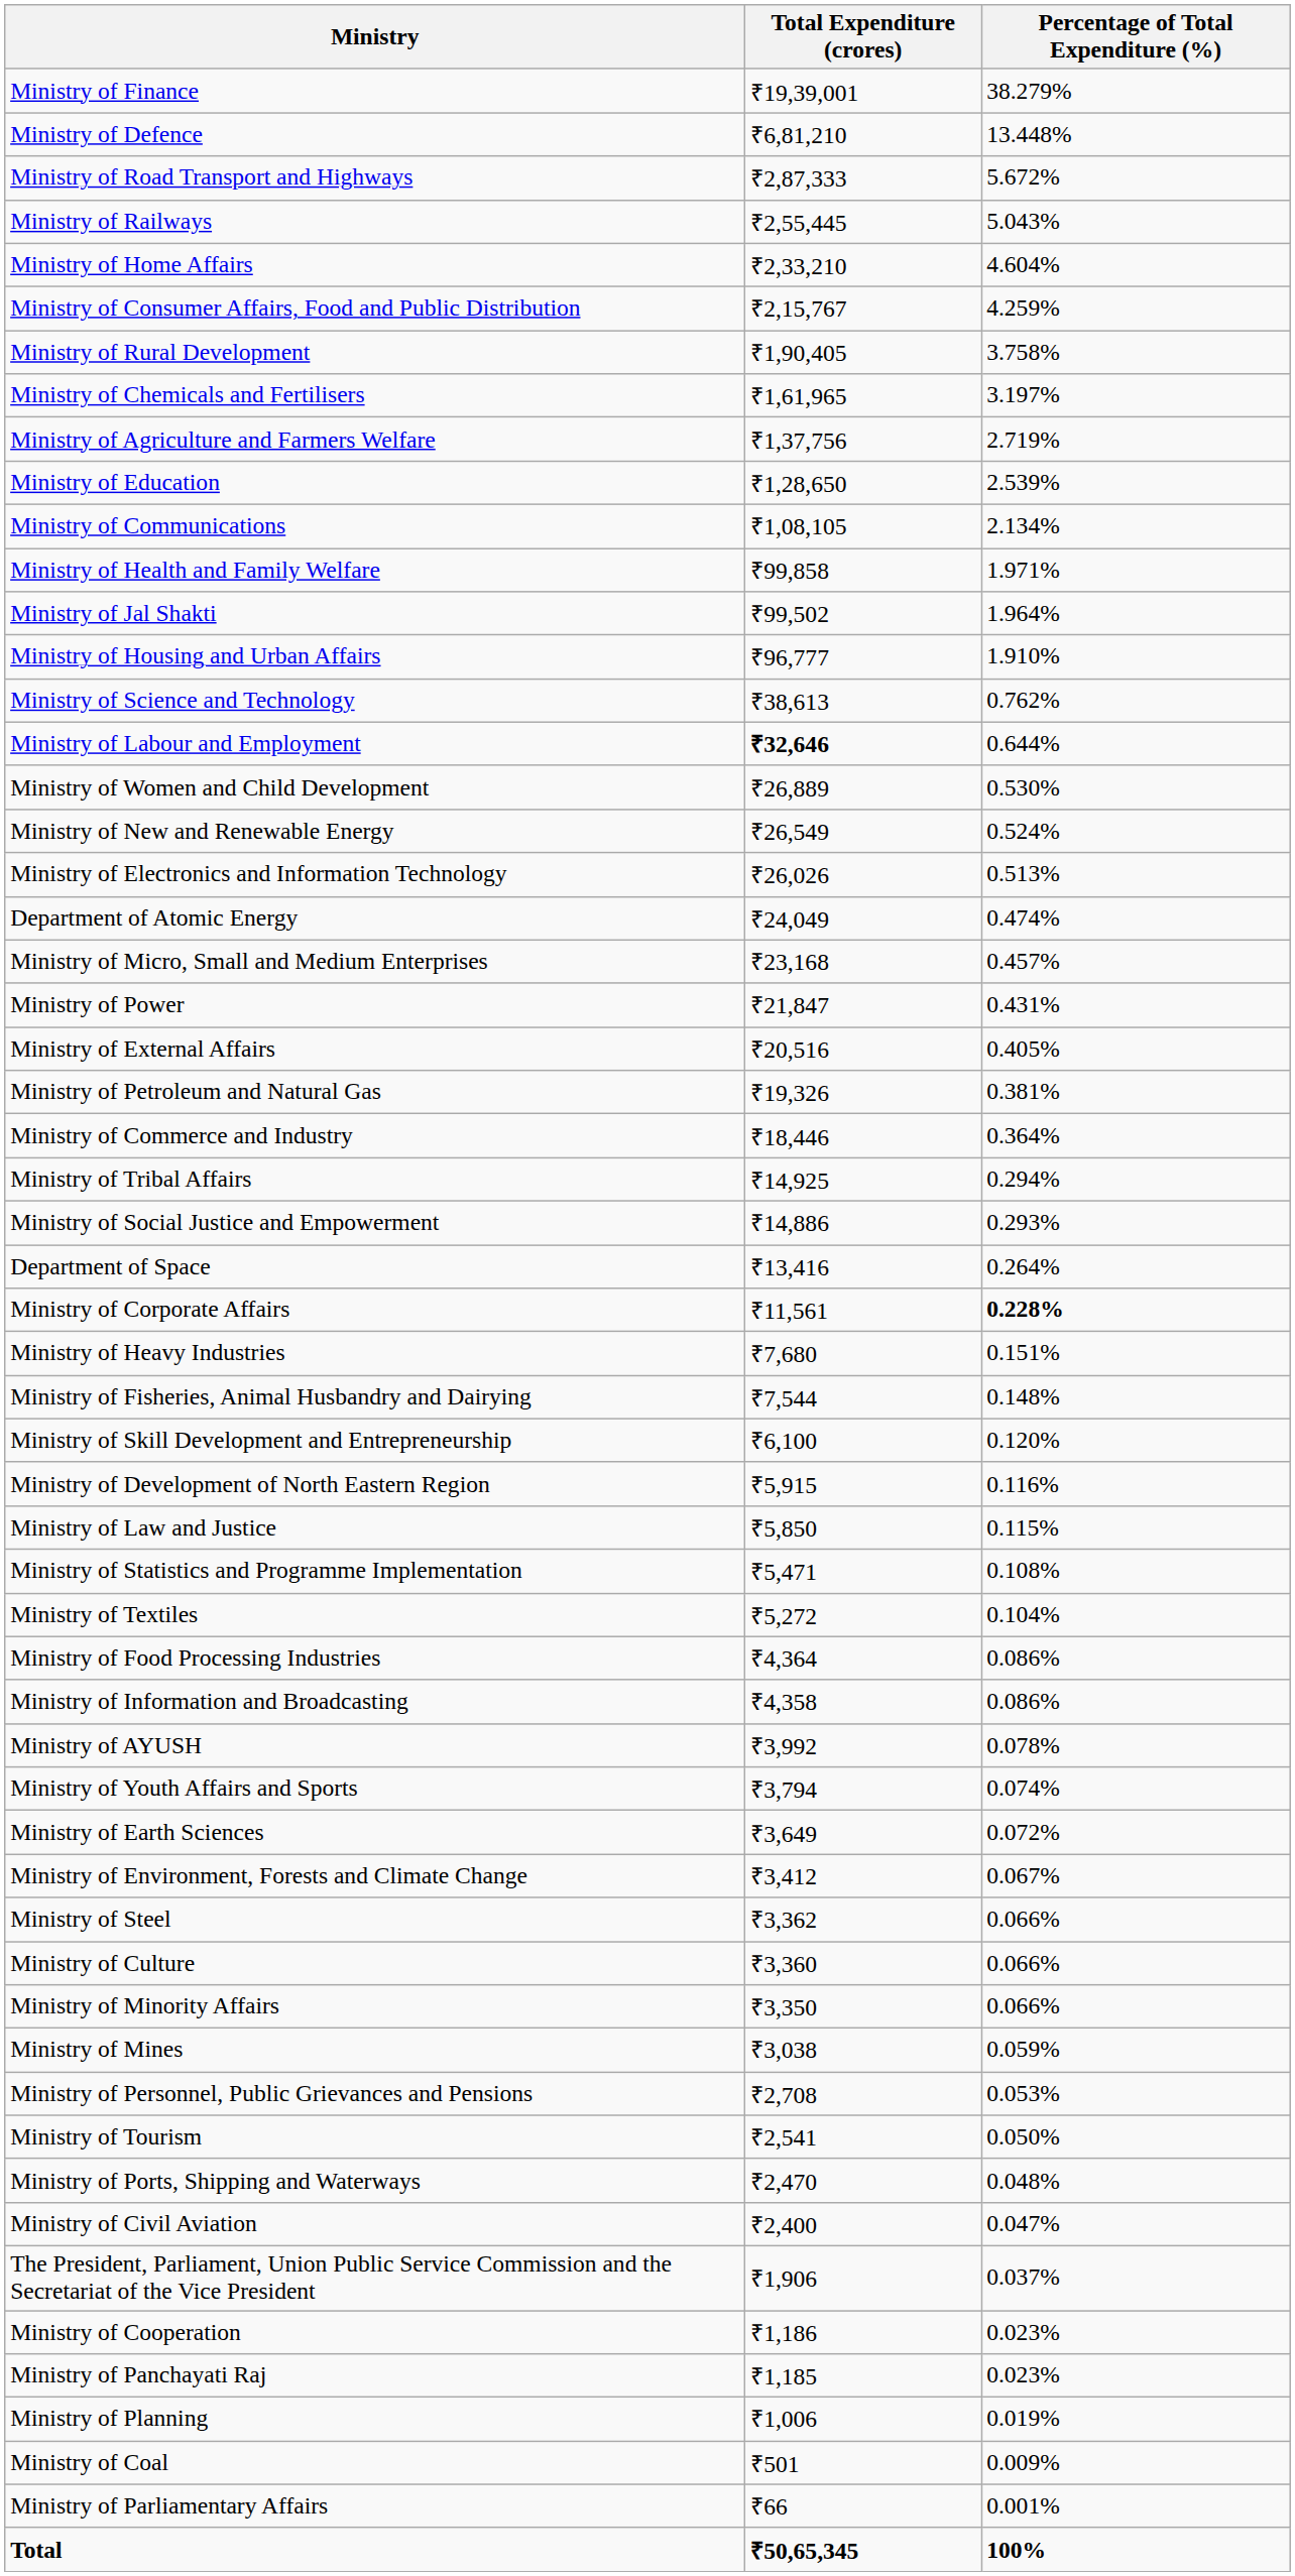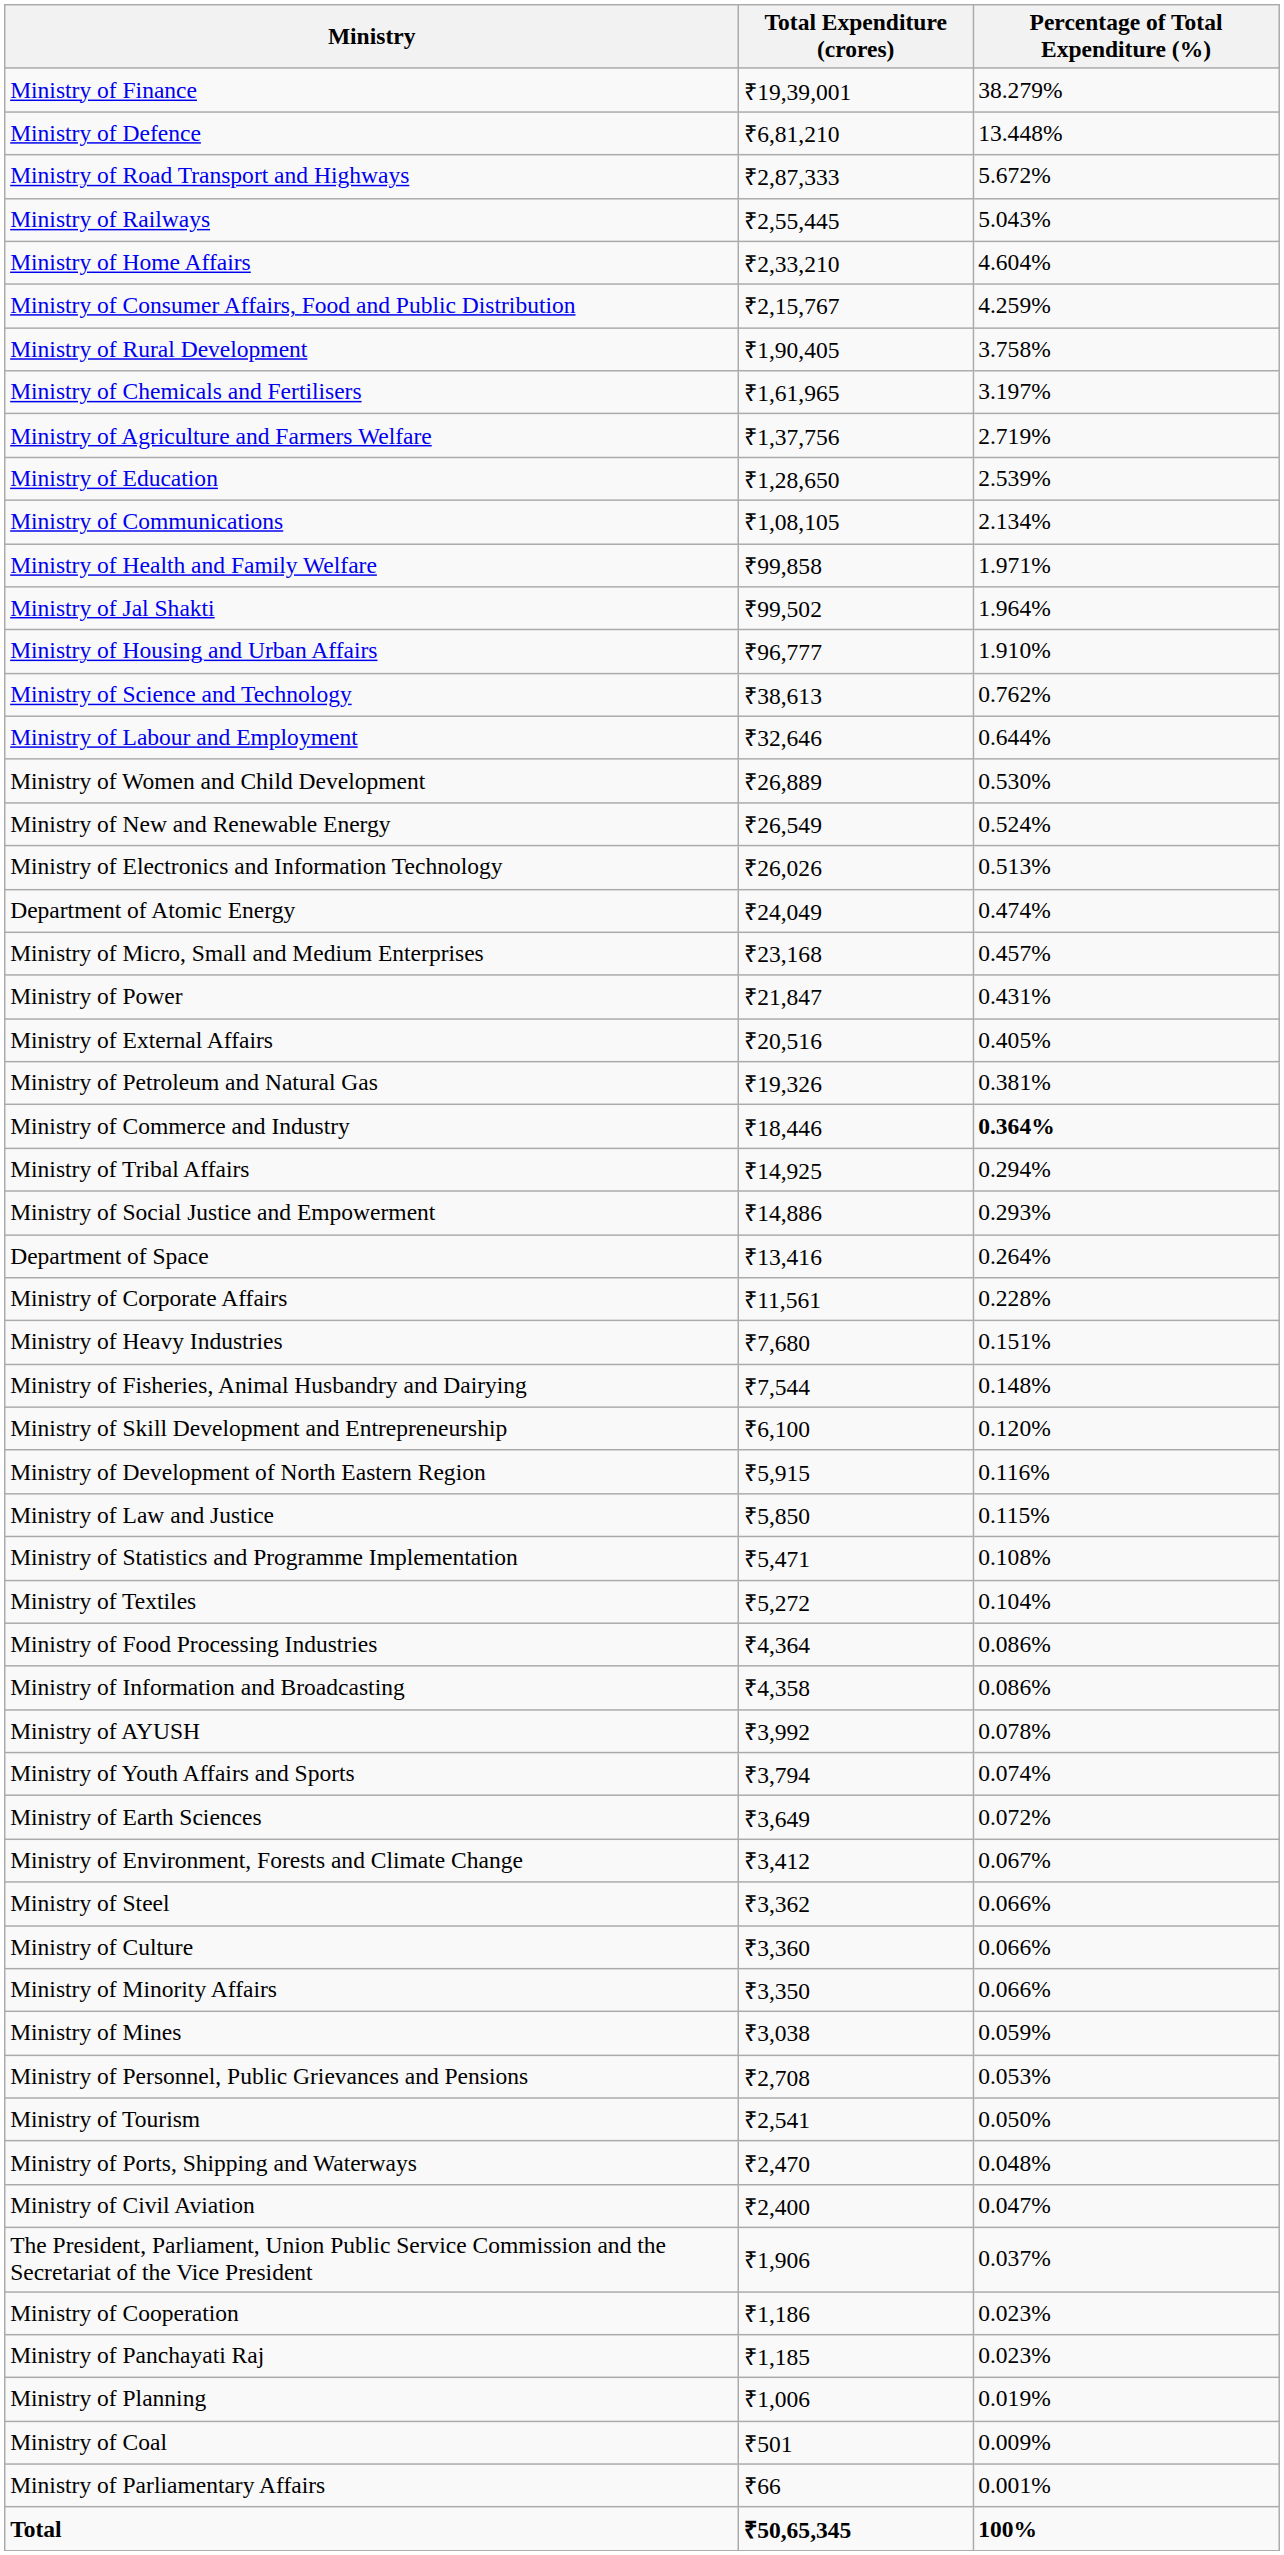 <table class="wikitable sortable">
 <tr>
 <th>Ministry</th>
 <th>Total Expenditure (crores)</th>
 <th>Percentage of Total Expenditure (%)</th>
 </tr>
 <tr>
 <td><a href='#'>Ministry of Finance</a></td>
 <td>₹19,39,001</td>
 <td>38.279%</td>
 </tr>
 <tr>
 <td><a href='#'>Ministry of Defence</a></td>
 <td>₹6,81,210</td>
 <td>13.448%</td>
 </tr>
 <tr>
 <td><a href='#'>Ministry of Road Transport and Highways</a></td>
 <td>₹2,87,333</td>
 <td>5.672%</td>
 </tr>
 <tr>
 <td><a href='#'>Ministry of Railways</a></td>
 <td>₹2,55,445</td>
 <td>5.043%</td>
 </tr>
 <tr>
 <td><a href='#'>Ministry of Home Affairs</a></td>
 <td>₹2,33,210</td>
 <td>4.604%</td>
 </tr>
 <tr>
 <td><a href='#'>Ministry of Consumer Affairs, Food and Public Distribution</a></td>
 <td>₹2,15,767</td>
 <td>4.259%</td>
 </tr>
 <tr>
 <td><a href='#'>Ministry of Rural Development</a></td>
 <td>₹1,90,405</td>
 <td>3.758%</td>
 </tr>
 <tr>
 <td><a href='#'>Ministry of  Chemicals and Fertilisers</a></td>
 <td>₹1,61,965</td>
 <td>3.197%</td>
 </tr>
 <tr>
 <td><a href='#'>Ministry of Agriculture and Farmers Welfare</a></td>
 <td>₹1,37,756</td>
 <td>2.719%</td>
 </tr>
 <tr>
 <td><a href='#'>Ministry of Education</a></td>
 <td>₹1,28,650</td>
 <td>2.539%</td>
 </tr>
 <tr>
 <td><a href='#'>Ministry of Communications</a></td>
 <td>₹1,08,105</td>
 <td>2.134%</td>
 </tr>
 <tr>
 <td><a href='#'>Ministry of Health and Family Welfare</a></td>
 <td>₹99,858</td>
 <td>1.971%</td>
 </tr>
 <tr>
 <td><a href='#'>Ministry of Jal Shakti</a></td>
 <td>₹99,502</td>
 <td>1.964%</td>
 </tr>
 <tr>
 <td><a href='#'>Ministry of Housing and Urban Affairs</a></td>
 <td>₹96,777</td>
 <td>1.910%</td>
 </tr>
 <tr>
 <td><a href='#'>Ministry of Science and Technology</a></td>
 <td>₹38,613</td>
 <td>0.762%</td>
 </tr>
 <tr>
 <td><a href='#'>Ministry of Labour and Employment</a></td>
-<td><strong>₹32,646</strong></td>
+<td>₹32,646</td>
 <td>0.644%</td>
 </tr>
 <tr>
 <td>Ministry of Women and Child Development</td>
 <td>₹26,889</td>
 <td>0.530%</td>
 </tr>
 <tr>
 <td>Ministry of New and Renewable Energy</td>
 <td>₹26,549</td>
 <td>0.524%</td>
 </tr>
 <tr>
 <td>Ministry of Electronics and Information Technology</td>
 <td>₹26,026</td>
 <td>0.513%</td>
 </tr>
 <tr>
 <td>Department of Atomic Energy</td>
 <td>₹24,049</td>
 <td>0.474%</td>
 </tr>
 <tr>
 <td>Ministry of Micro, Small and Medium Enterprises</td>
 <td>₹23,168</td>
 <td>0.457%</td>
 </tr>
 <tr>
 <td>Ministry of Power</td>
 <td>₹21,847</td>
 <td>0.431%</td>
 </tr>
 <tr>
 <td>Ministry of External Affairs</td>
 <td>₹20,516</td>
 <td>0.405%</td>
 </tr>
 <tr>
 <td>Ministry of Petroleum and Natural Gas</td>
 <td>₹19,326</td>
 <td>0.381%</td>
 </tr>
 <tr>
 <td>Ministry of Commerce and Industry</td>
 <td>₹18,446</td>
-<td>0.364%</td>
+<td><strong>0.364%</strong></td>
 </tr>
 <tr>
 <td>Ministry of Tribal Affairs</td>
 <td>₹14,925</td>
 <td>0.294%</td>
 </tr>
 <tr>
 <td>Ministry of Social Justice and Empowerment</td>
 <td>₹14,886</td>
 <td>0.293%</td>
 </tr>
 <tr>
 <td>Department of Space</td>
 <td>₹13,416</td>
 <td>0.264%</td>
 </tr>
 <tr>
 <td>Ministry of Corporate Affairs</td>
 <td>₹11,561</td>
-<td><strong>0.228%</strong></td>
+<td>0.228%</td>
 </tr>
 <tr>
 <td>Ministry of Heavy Industries</td>
 <td>₹7,680</td>
 <td>0.151%</td>
 </tr>
 <tr>
 <td>Ministry of Fisheries, Animal Husbandry and Dairying</td>
 <td>₹7,544</td>
 <td>0.148%</td>
 </tr>
 <tr>
 <td>Ministry of Skill Development and Entrepreneurship</td>
 <td>₹6,100</td>
 <td>0.120%</td>
 </tr>
 <tr>
 <td>Ministry of Development of North Eastern Region</td>
 <td>₹5,915</td>
 <td>0.116%</td>
 </tr>
 <tr>
 <td>Ministry of Law and Justice</td>
 <td>₹5,850</td>
 <td>0.115%</td>
 </tr>
 <tr>
 <td>Ministry of Statistics and Programme Implementation</td>
 <td>₹5,471</td>
 <td>0.108%</td>
 </tr>
 <tr>
 <td>Ministry of Textiles</td>
 <td>₹5,272</td>
 <td>0.104%</td>
 </tr>
 <tr>
 <td>Ministry of Food  Processing Industries</td>
 <td>₹4,364</td>
 <td>0.086%</td>
 </tr>
 <tr>
 <td>Ministry of Information and Broadcasting</td>
 <td>₹4,358</td>
 <td>0.086%</td>
 </tr>
 <tr>
 <td>Ministry of AYUSH</td>
 <td>₹3,992</td>
 <td>0.078%</td>
 </tr>
 <tr>
 <td>Ministry of Youth Affairs and Sports</td>
 <td>₹3,794</td>
 <td>0.074%</td>
 </tr>
 <tr>
 <td>Ministry of Earth Sciences</td>
 <td>₹3,649</td>
 <td>0.072%</td>
 </tr>
 <tr>
 <td>Ministry of Environment, Forests and Climate Change</td>
 <td>₹3,412</td>
 <td>0.067%</td>
 </tr>
 <tr>
 <td>Ministry of Steel</td>
 <td>₹3,362</td>
 <td>0.066%</td>
 </tr>
 <tr>
 <td>Ministry of Culture</td>
 <td>₹3,360</td>
 <td>0.066%</td>
 </tr>
 <tr>
 <td>Ministry of Minority Affairs</td>
 <td>₹3,350</td>
 <td>0.066%</td>
 </tr>
 <tr>
 <td>Ministry of Mines</td>
 <td>₹3,038</td>
 <td>0.059%</td>
 </tr>
 <tr>
 <td>Ministry of Personnel, Public Grievances and Pensions</td>
 <td>₹2,708</td>
 <td>0.053%</td>
 </tr>
 <tr>
 <td>Ministry of Tourism</td>
 <td>₹2,541</td>
 <td>0.050%</td>
 </tr>
 <tr>
 <td>Ministry of Ports, Shipping and Waterways</td>
 <td>₹2,470</td>
 <td>0.048%</td>
 </tr>
 <tr>
 <td>Ministry of Civil Aviation</td>
 <td>₹2,400</td>
 <td>0.047%</td>
 </tr>
 <tr>
 <td>The President, Parliament, Union Public Service Commission and the Secretariat of the Vice President</td>
 <td>₹1,906</td>
 <td>0.037%</td>
 </tr>
 <tr>
 <td>Ministry of Cooperation</td>
 <td>₹1,186</td>
 <td>0.023%</td>
 </tr>
 <tr>
 <td>Ministry of Panchayati Raj</td>
 <td>₹1,185</td>
 <td>0.023%</td>
 </tr>
 <tr>
 <td>Ministry of Planning</td>
 <td>₹1,006</td>
 <td>0.019%</td>
 </tr>
 <tr>
 <td>Ministry of Coal</td>
 <td>₹501</td>
 <td>0.009%</td>
 </tr>
 <tr>
 <td>Ministry of Parliamentary Affairs</td>
 <td>₹66</td>
 <td>0.001%</td>
 </tr>
 <tr>
 <td><strong>Total</strong></td>
 <td><strong>₹50,65,345</strong></td>
 <td><strong>100%</strong></td>
 </tr>
 </table>
